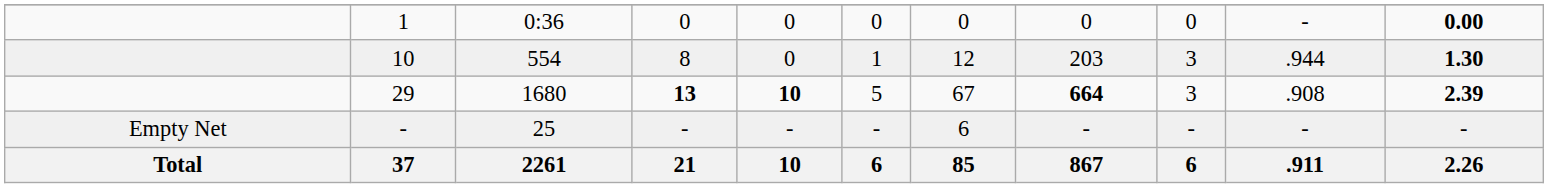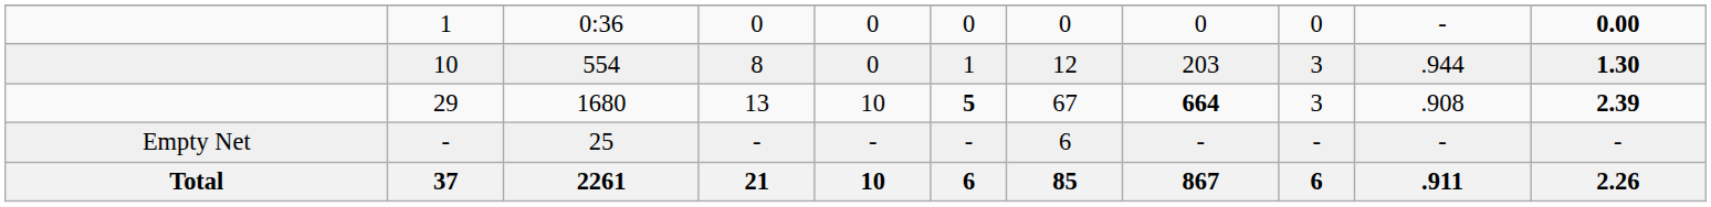 <table class="wikitable sortable" width=1100>
 <tr align="center">
 </tr>
 <tr align="center" bgcolor="">
 <td></td>
 <td>1</td>
 <td>0:36</td>
 <td>0</td>
 <td>0</td>
 <td>0</td>
 <td>0</td>
 <td>0</td>
 <td>0</td>
 <td>-</td>
 <td><strong>0.00</strong></td>
 </tr>
 <tr align="center" bgcolor="f0f0f0">
 <td></td>
 <td>10</td>
 <td>554</td>
 <td>8</td>
 <td>0</td>
 <td>1</td>
 <td>12</td>
 <td>203</td>
 <td>3</td>
 <td>.944</td>
 <td><strong>1.30</strong></td>
 </tr>
 <tr align="center" bgcolor="">
 <td></td>
 <td>29</td>
 <td>1680</td>
-<td><strong>13</strong></td>
-<td><strong>10</strong></td>
-<td>5</td>
+<td>13</td>
+<td>10</td>
+<td><strong>5</strong></td>
 <td>67</td>
 <td><strong>664</strong></td>
 <td>3</td>
 <td>.908</td>
 <td><strong>2.39</strong></td>
 </tr>
 <tr align="center" bgcolor="f0f0f0">
 <td>Empty Net</td>
 <td>-</td>
 <td>25</td>
 <td>-</td>
 <td>-</td>
 <td>-</td>
 <td>6</td>
 <td>-</td>
 <td>-</td>
 <td>-</td>
 <td>-</td>
 </tr>
 <tr>
 <th>Total</th>
 <th>37</th>
 <th>2261</th>
 <th>21</th>
 <th>10</th>
 <th>6</th>
 <th>85</th>
 <th>867</th>
 <th>6</th>
 <th>.911</th>
 <th>2.26</th>
 </tr>
 </table>
